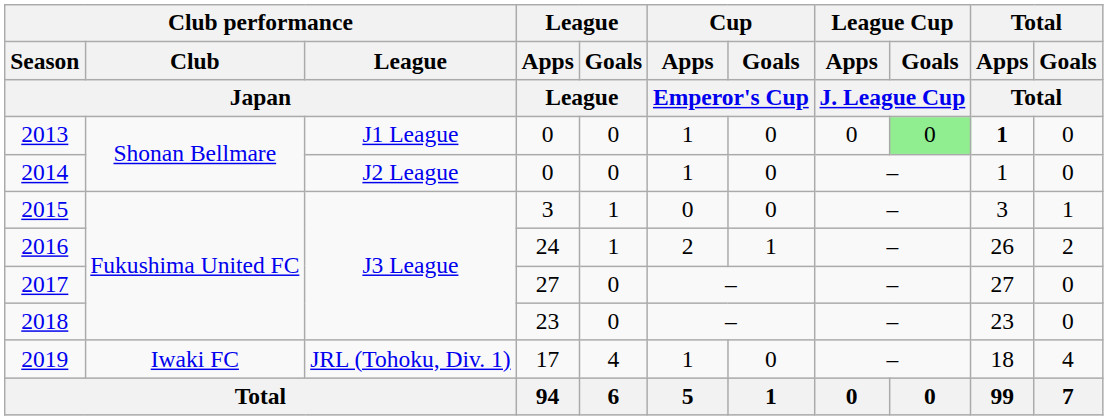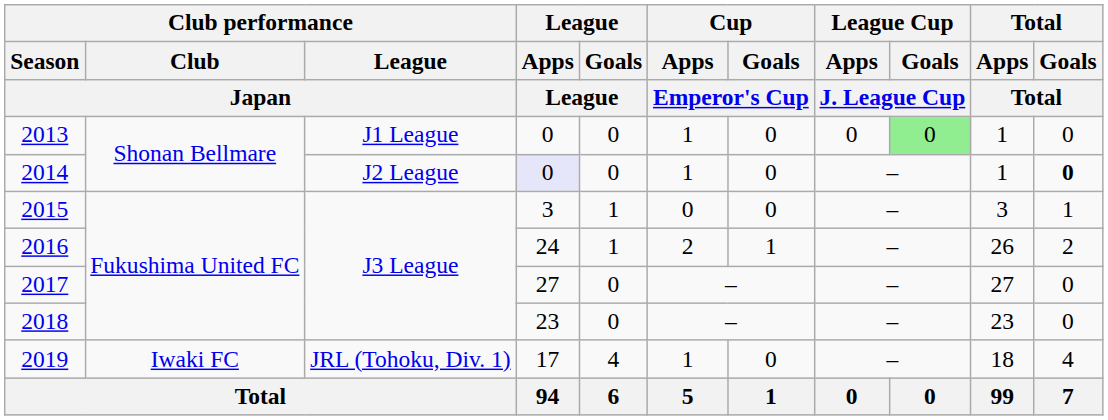 <table class="wikitable" style="text-align:center;">
 <tr>
 <th colspan=3>Club performance</th>
 <th colspan=2>League</th>
 <th colspan=2>Cup</th>
 <th colspan=2>League Cup</th>
 <th colspan=2>Total</th>
 </tr>
 <tr>
 <th>Season</th>
 <th>Club</th>
 <th>League</th>
 <th>Apps</th>
 <th>Goals</th>
 <th>Apps</th>
 <th>Goals</th>
 <th>Apps</th>
 <th>Goals</th>
 <th>Apps</th>
 <th>Goals</th>
 </tr>
 <tr>
 <th colspan=3>Japan</th>
 <th colspan=2>League</th>
 <th colspan=2><a href='#'>Emperor's Cup</a></th>
 <th colspan=2><a href='#'>J. League Cup</a></th>
 <th colspan=2>Total</th>
 </tr>
 <tr>
 <td><a href='#'>2013</a></td>
 <td rowspan="2"><a href='#'>Shonan Bellmare</a></td>
 <td rowspan="1"><a href='#'>J1 League</a></td>
 <td>0</td>
 <td>0</td>
 <td>1</td>
 <td>0</td>
 <td>0</td>
 <td style="background: lightgreen;">0</td>
-<td><strong>1</strong></td>
+<td>1</td>
 <td>0</td>
 </tr>
 <tr>
 <td><a href='#'>2014</a></td>
 <td rowspan="1"><a href='#'>J2 League</a></td>
-<td>0</td>
+<td style="background: lavender;">0</td>
 <td>0</td>
 <td>1</td>
 <td>0</td>
 <td colspan="2">–</td>
 <td>1</td>
-<td>0</td>
+<td><strong>0</strong></td>
 </tr>
 <tr>
 <td><a href='#'>2015</a></td>
 <td rowspan="4"><a href='#'>Fukushima United FC</a></td>
 <td rowspan="4"><a href='#'>J3 League</a></td>
 <td>3</td>
 <td>1</td>
 <td>0</td>
 <td>0</td>
 <td colspan="2">–</td>
 <td>3</td>
 <td>1</td>
 </tr>
 <tr>
 <td><a href='#'>2016</a></td>
 <td>24</td>
 <td>1</td>
 <td>2</td>
 <td>1</td>
 <td colspan="2">–</td>
 <td>26</td>
 <td>2</td>
 </tr>
 <tr>
 <td><a href='#'>2017</a></td>
 <td>27</td>
 <td>0</td>
 <td colspan="2">–</td>
 <td colspan="2">–</td>
 <td>27</td>
 <td>0</td>
 </tr>
 <tr>
 <td><a href='#'>2018</a></td>
 <td>23</td>
 <td>0</td>
 <td colspan="2">–</td>
 <td colspan="2">–</td>
 <td>23</td>
 <td>0</td>
 </tr>
 <tr>
 <td><a href='#'>2019</a></td>
 <td rowspan="1"><a href='#'>Iwaki FC</a></td>
 <td><a href='#'>JRL (Tohoku, Div. 1)</a></td>
 <td>17</td>
 <td>4</td>
 <td>1</td>
 <td>0</td>
 <td colspan="2">–</td>
 <td>18</td>
 <td>4</td>
 </tr>
 <tr>
 <th colspan=3>Total</th>
 <th>94</th>
 <th>6</th>
 <th>5</th>
 <th>1</th>
 <th>0</th>
 <th>0</th>
 <th>99</th>
 <th>7</th>
 </tr>
 </table>
